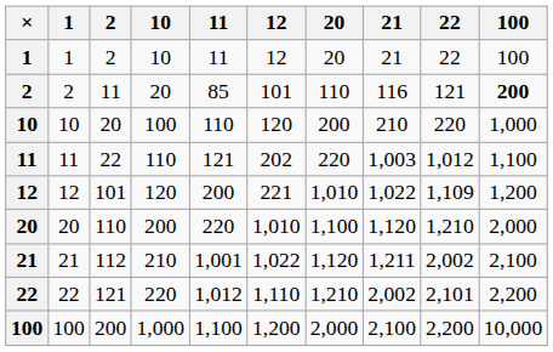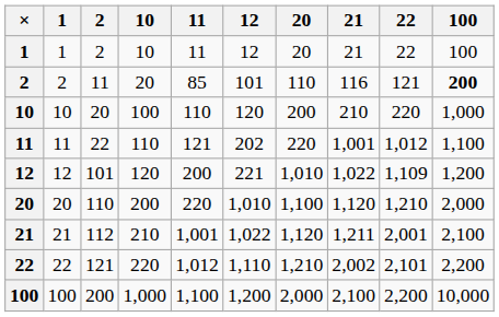 <table class="wikitable" style="float:right; text-align:center">
 <tr>
 <th>×</th>
 <th><strong>1</strong></th>
 <th><strong>2</strong></th>
 <th><strong>10</strong></th>
 <th><strong>11</strong></th>
 <th><strong>12</strong></th>
 <th><strong>20</strong></th>
 <th><strong>21</strong></th>
 <th><strong>22</strong></th>
 <th><strong>100</strong></th>
 </tr>
 <tr>
 <th><strong>1</strong></th>
 <td>1</td>
 <td>2</td>
 <td>10</td>
 <td>11</td>
 <td>12</td>
 <td>20</td>
 <td>21</td>
 <td>22</td>
 <td>100</td>
 </tr>
 <tr>
 <th><strong>2</strong></th>
 <td>2</td>
 <td>11</td>
 <td>20</td>
 <td>85</td>
 <td>101</td>
 <td>110</td>
 <td>116</td>
 <td>121</td>
 <td><strong>200</strong></td>
 </tr>
 <tr>
 <th><strong>10</strong></th>
 <td>10</td>
 <td>20</td>
 <td>100</td>
 <td>110</td>
 <td>120</td>
 <td>200</td>
 <td>210</td>
 <td>220</td>
 <td>1,000</td>
 </tr>
 <tr>
 <th><strong>11</strong></th>
 <td>11</td>
 <td>22</td>
 <td>110</td>
 <td>121</td>
 <td>202</td>
 <td>220</td>
-<td>1,003</td>
+<td>1,001</td>
 <td>1,012</td>
 <td>1,100</td>
 </tr>
 <tr>
 <th><strong>12</strong></th>
 <td>12</td>
 <td>101</td>
 <td>120</td>
 <td>200</td>
 <td>221</td>
 <td>1,010</td>
 <td>1,022</td>
 <td>1,109</td>
 <td>1,200</td>
 </tr>
 <tr>
 <th><strong>20</strong></th>
 <td>20</td>
 <td>110</td>
 <td>200</td>
 <td>220</td>
 <td>1,010</td>
 <td>1,100</td>
 <td>1,120</td>
 <td>1,210</td>
 <td>2,000</td>
 </tr>
 <tr>
 <th><strong>21</strong></th>
 <td>21</td>
 <td>112</td>
 <td>210</td>
 <td>1,001</td>
 <td>1,022</td>
 <td>1,120</td>
 <td>1,211</td>
-<td>2,002</td>
+<td>2,001</td>
 <td>2,100</td>
 </tr>
 <tr>
 <th><strong>22</strong></th>
 <td>22</td>
 <td>121</td>
 <td>220</td>
 <td>1,012</td>
 <td>1,110</td>
 <td>1,210</td>
 <td>2,002</td>
 <td>2,101</td>
 <td>2,200</td>
 </tr>
 <tr>
 <th><strong>100</strong></th>
 <td>100</td>
 <td>200</td>
 <td>1,000</td>
 <td>1,100</td>
 <td>1,200</td>
 <td>2,000</td>
 <td>2,100</td>
 <td>2,200</td>
 <td>10,000</td>
 </tr>
 </table>
